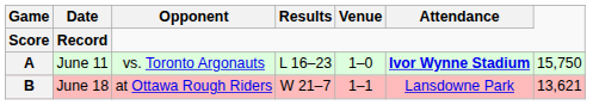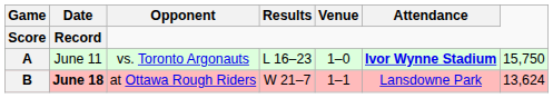 <table class="wikitable" style="text-align:center">
 <tr>
 <th>Game</th>
 <th>Date</th>
 <th>Opponent</th>
 <th>Results</th>
 <th>Venue</th>
 <th>Attendance</th>
 </tr>
 <tr>
 <th>Score</th>
 <th>Record</th>
 </tr>
 <tr style="background:#ddffdd">
 <th>A</th>
 <td>June 11</td>
 <td>vs. <a href='#'>Toronto Argonauts</a></td>
 <td>L 16–23</td>
 <td>1–0</td>
 <td><strong><a href='#'>Ivor Wynne Stadium</a></strong></td>
 <td>15,750</td>
 </tr>
 <tr style="background:#ffbbbb">
 <th>B</th>
-<td>June 18</td>
+<td><strong>June 18</strong></td>
 <td>at <a href='#'>Ottawa Rough Riders</a></td>
 <td>W 21–7</td>
 <td>1–1</td>
 <td><a href='#'>Lansdowne Park</a></td>
-<td>13,621</td>
+<td>13,624</td>
 </tr>
 </table>
